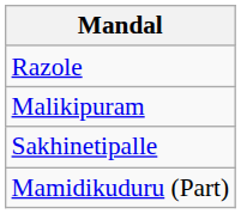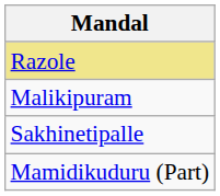 <table class="wikitable sortable static-row-numbers static-row-header-hash">
 <tr>
 <th>Mandal</th>
 </tr>
 <tr>
-<td><a href='#'>Razole</a></td>
+<td style="background: khaki;"><a href='#'>Razole</a></td>
 </tr>
 <tr>
 <td><a href='#'>Malikipuram</a></td>
 </tr>
 <tr>
 <td><a href='#'>Sakhinetipalle</a></td>
 </tr>
 <tr>
 <td><a href='#'>Mamidikuduru</a> (Part)</td>
 </tr>
 </table>
